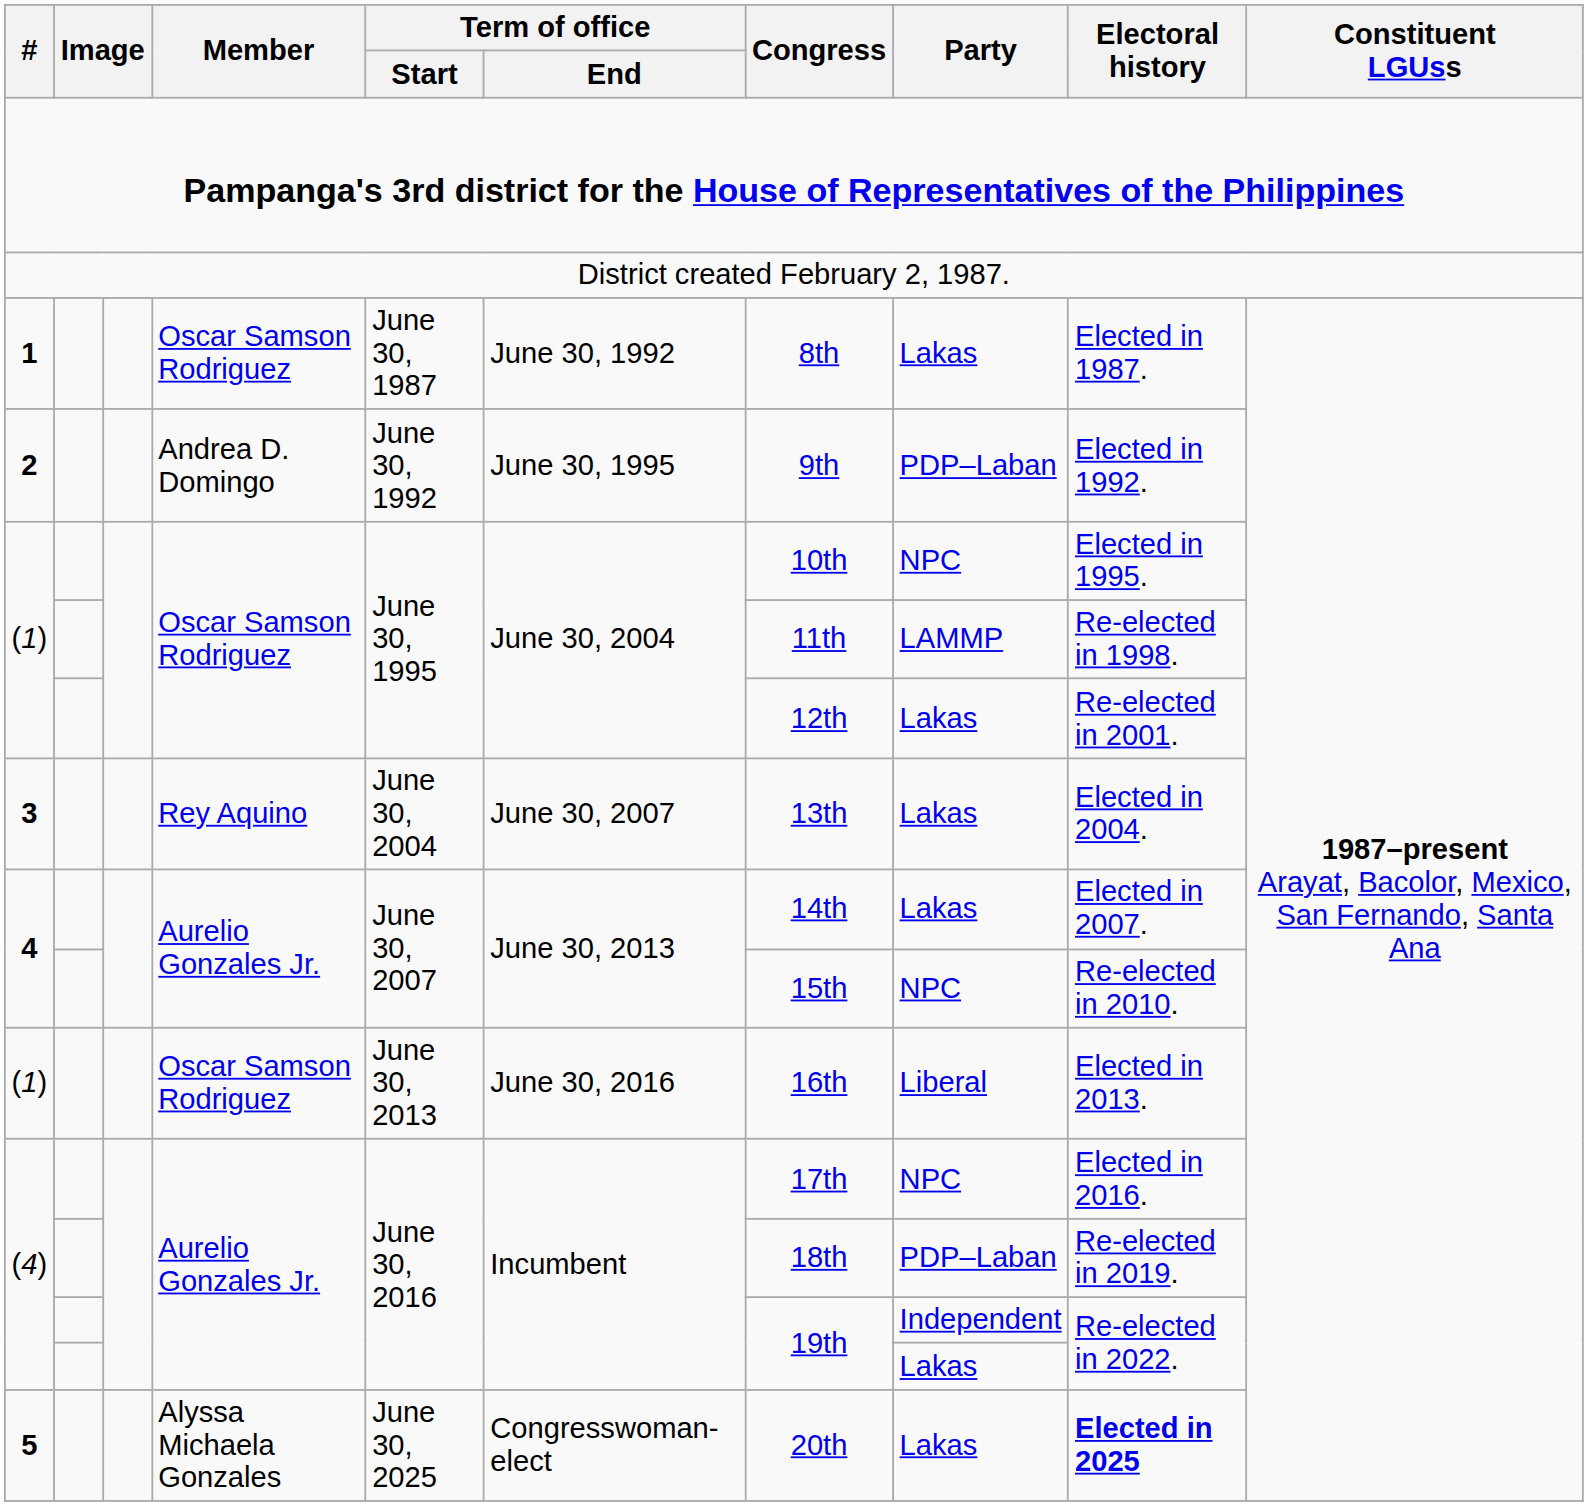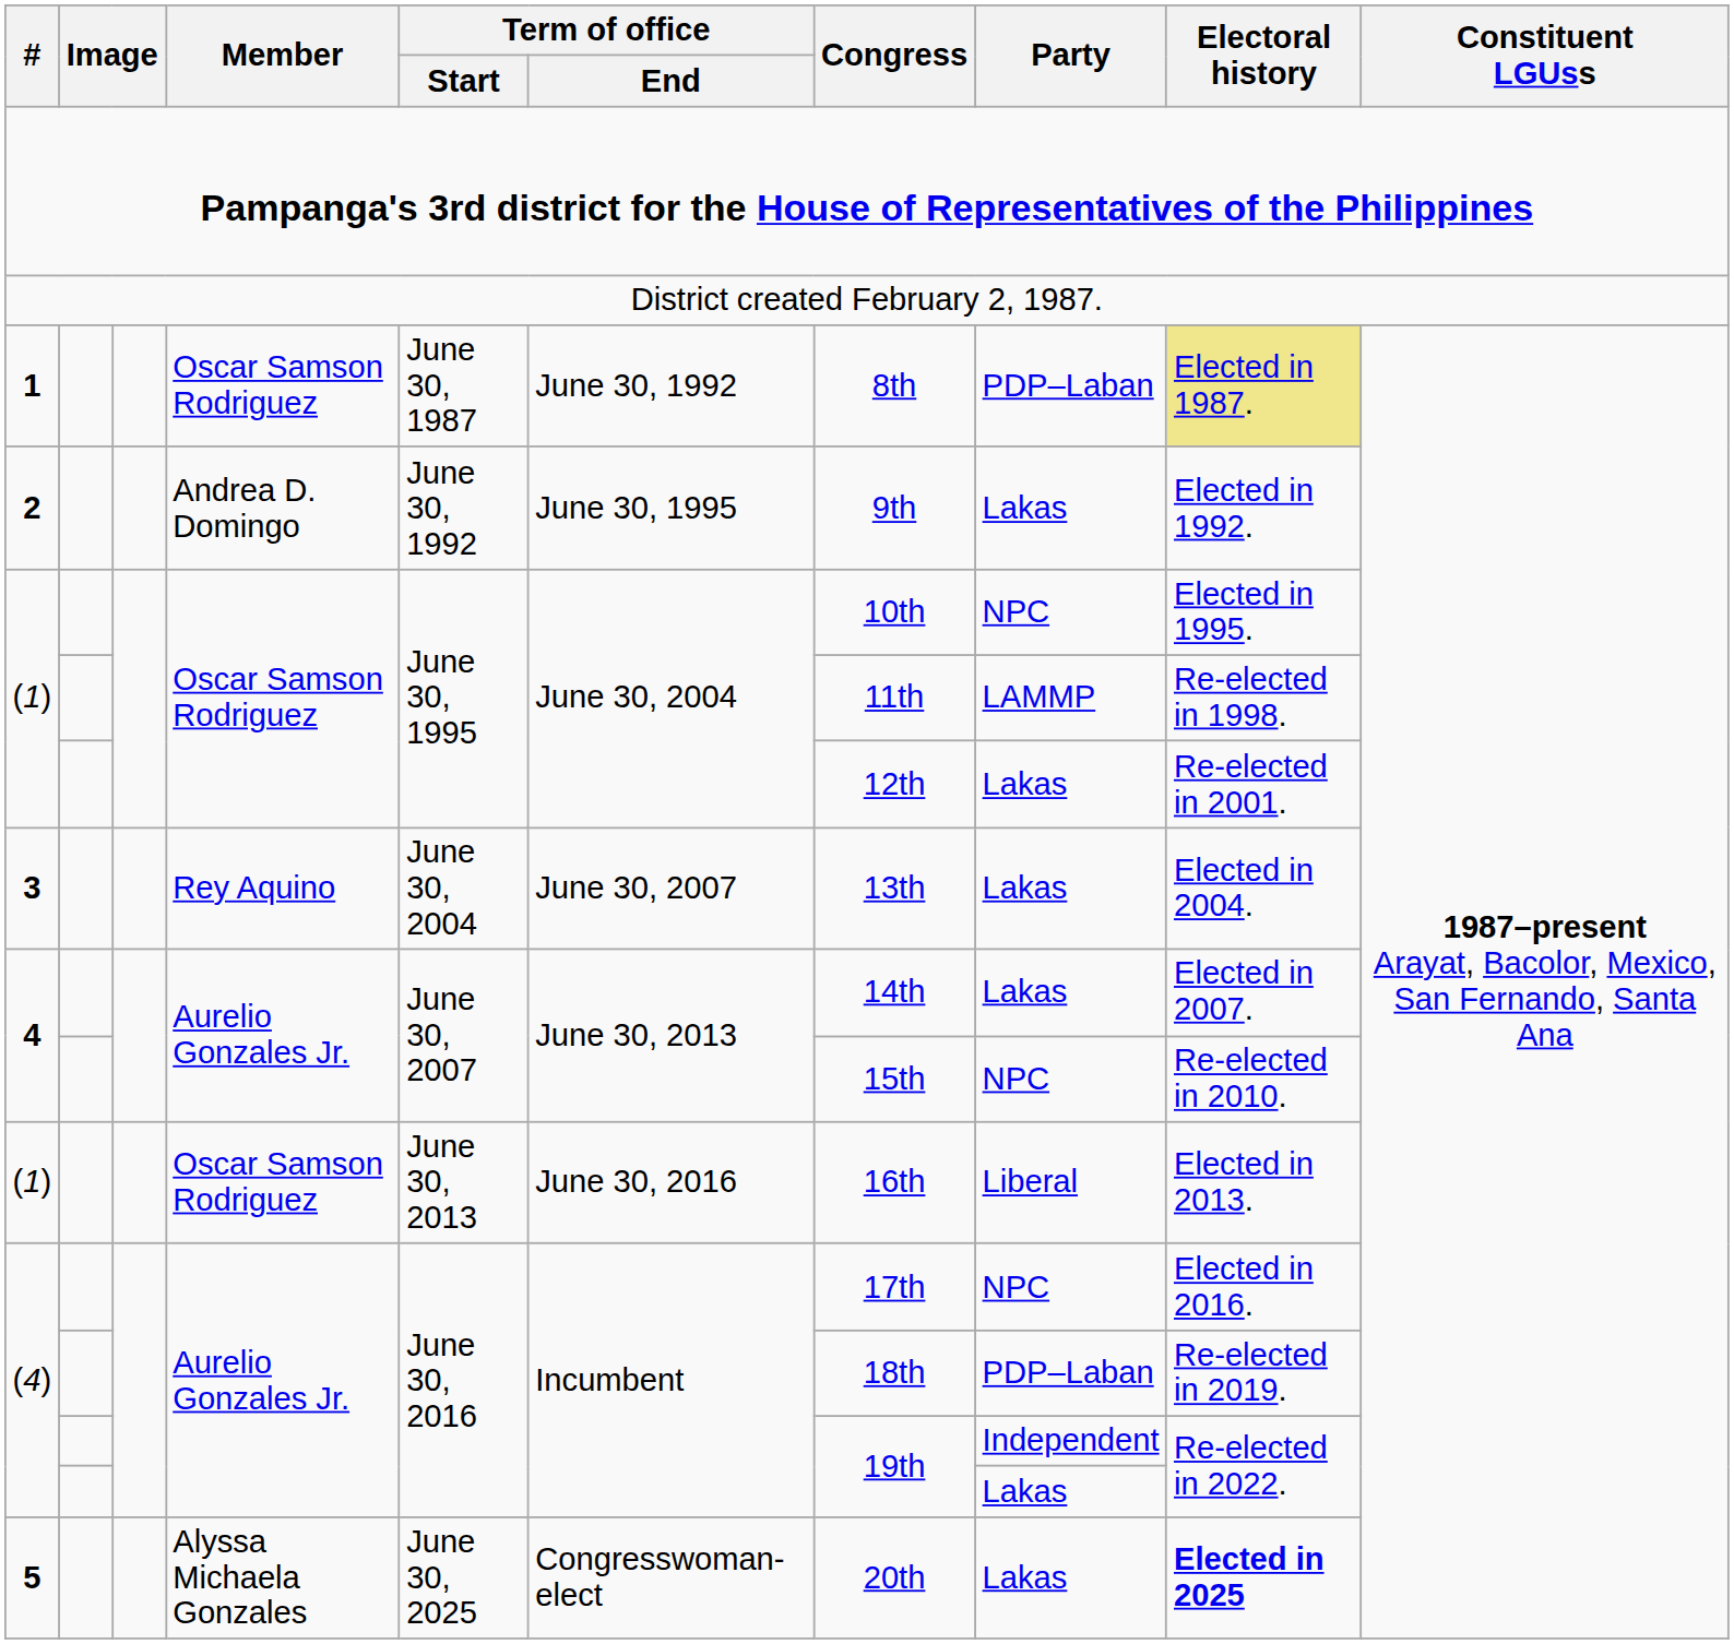 <table class=wikitable>
 <tr>
 <th rowspan="2">#</th>
 <th rowspan="2" colspan=2>Image</th>
 <th rowspan="2">Member</th>
 <th colspan=2>Term of office</th>
 <th rowspan="2">Congress</th>
 <th rowspan="2">Party</th>
 <th rowspan="2">Electoral history</th>
 <th rowspan="2">Constituent<br><a href='#'>LGUs</a>s</th>
 </tr>
 <tr>
 <th>Start</th>
 <th>End</th>
 </tr>
 <tr>
 <td colspan="10" style="text-align:center;"><br><h3>Pampanga's 3rd district for the <a href='#'>House of Representatives of the Philippines</a></h3></td>
 </tr>
 <tr>
 <td colspan="10" style="text-align:center;">District created February 2, 1987.</td>
 </tr>
 <tr>
 <td style="text-align:center;"><strong>1</strong></td>
 <td style="color:inherit;background:"></td>
 <td></td>
 <td><a href='#'>Oscar Samson Rodriguez</a></td>
 <td>June 30, 1987</td>
 <td>June 30, 1992</td>
 <td style="text-align:center;"><a href='#'>8th</a></td>
-<td><a href='#'>Lakas</a></td>
-<td><a href='#'>Elected in 1987</a>.</td>
+<td><a href='#'>PDP–Laban</a></td>
+<td style="background: khaki;"><a href='#'>Elected in 1987</a>.</td>
 <td rowspan="14" style="text-align:center;"><strong>1987–present</strong><br><a href='#'>Arayat</a>, <a href='#'>Bacolor</a>, <a href='#'>Mexico</a>, <a href='#'>San Fernando</a>, <a href='#'>Santa Ana</a></td>
 </tr>
 <tr>
 <td style="text-align:center;"><strong>2</strong></td>
 <td style="color:inherit;background:"></td>
 <td></td>
 <td>Andrea D. Domingo</td>
 <td>June 30, 1992</td>
 <td>June 30, 1995</td>
 <td style="text-align:center;"><a href='#'>9th</a></td>
-<td><a href='#'>PDP–Laban</a></td>
+<td><a href='#'>Lakas</a></td>
 <td><a href='#'>Elected in 1992</a>.</td>
 </tr>
 <tr>
 <td rowspan="3" style="text-align:center;">(<em>1</em>)</td>
 <td style="color:inherit;background:"></td>
 <td rowspan="3"></td>
 <td rowspan="3"><a href='#'>Oscar Samson Rodriguez</a></td>
 <td rowspan="3">June 30, 1995</td>
 <td rowspan="3">June 30, 2004</td>
 <td style="text-align:center;"><a href='#'>10th</a></td>
 <td><a href='#'>NPC</a></td>
 <td><a href='#'>Elected in 1995</a>.</td>
 </tr>
 <tr>
 <td style="color:inherit;background:"></td>
 <td style="text-align:center;"><a href='#'>11th</a></td>
 <td><a href='#'>LAMMP</a></td>
 <td><a href='#'>Re-elected in 1998</a>.</td>
 </tr>
 <tr>
 <td style="color:inherit;background:"></td>
 <td style="text-align:center;"><a href='#'>12th</a></td>
 <td><a href='#'>Lakas</a></td>
 <td><a href='#'>Re-elected in 2001</a>.</td>
 </tr>
 <tr>
 <td style="text-align:center;"><strong>3</strong></td>
 <td style="color:inherit;background:"></td>
 <td></td>
 <td><a href='#'>Rey Aquino</a></td>
 <td>June 30, 2004</td>
 <td>June 30, 2007</td>
 <td style="text-align:center;"><a href='#'>13th</a></td>
 <td><a href='#'>Lakas</a></td>
 <td><a href='#'>Elected in 2004</a>.</td>
 </tr>
 <tr>
 <td rowspan="2" style="text-align:center;"><strong>4</strong></td>
 <td style="color:inherit;background:"></td>
 <td rowspan="2"></td>
 <td rowspan="2"><a href='#'>Aurelio Gonzales Jr.</a></td>
 <td rowspan="2">June 30, 2007</td>
 <td rowspan="2">June 30, 2013</td>
 <td style="text-align:center;"><a href='#'>14th</a></td>
 <td><a href='#'>Lakas</a></td>
 <td><a href='#'>Elected in 2007</a>.</td>
 </tr>
 <tr>
 <td style="color:inherit;background:"></td>
 <td style="text-align:center;"><a href='#'>15th</a></td>
 <td><a href='#'>NPC</a></td>
 <td><a href='#'>Re-elected in 2010</a>.</td>
 </tr>
 <tr>
 <td style="text-align:center;">(<em>1</em>)</td>
 <td style="color:inherit;background:"></td>
 <td></td>
 <td><a href='#'>Oscar Samson Rodriguez</a></td>
 <td>June 30, 2013</td>
 <td>June 30, 2016</td>
 <td style="text-align:center;"><a href='#'>16th</a></td>
 <td><a href='#'>Liberal</a></td>
 <td><a href='#'>Elected in 2013</a>.</td>
 </tr>
 <tr>
 <td rowspan="4" style="text-align:center;">(<em>4</em>)</td>
 <td style="color:inherit;background:"></td>
 <td rowspan="4"></td>
 <td rowspan="4"><a href='#'>Aurelio Gonzales Jr.</a></td>
 <td rowspan="4">June 30, 2016</td>
 <td rowspan="4">Incumbent</td>
 <td style="text-align:center;"><a href='#'>17th</a></td>
 <td><a href='#'>NPC</a></td>
 <td><a href='#'>Elected in 2016</a>.</td>
 </tr>
 <tr>
 <td style="color:inherit;background:"></td>
 <td style="text-align:center;"><a href='#'>18th</a></td>
 <td><a href='#'>PDP–Laban</a></td>
 <td><a href='#'>Re-elected in 2019</a>.</td>
 </tr>
 <tr>
 <td style="color:inherit;background:"></td>
 <td style="text-align:center;" rowspan=2><a href='#'>19th</a></td>
 <td><a href='#'>Independent</a></td>
 <td rowspan=2><a href='#'>Re-elected in 2022</a>.</td>
 </tr>
 <tr>
 <td style="color:inherit;background:"></td>
 <td><a href='#'>Lakas</a></td>
 </tr>
 <tr>
 <td style="text-align: center;"><strong>5</strong></td>
 <td style="color:inherit;background:"></td>
 <td></td>
 <td>Alyssa Michaela Gonzales</td>
 <td>June 30, 2025</td>
 <td>Congresswoman-elect</td>
 <td style="text-align: center;"><a href='#'>20th</a></td>
 <td><a href='#'>Lakas</a></td>
 <td><strong><a href='#'>Elected in 2025</a></strong></td>
 </tr>
 </table>
